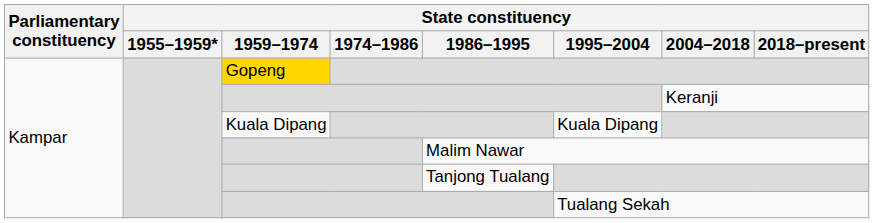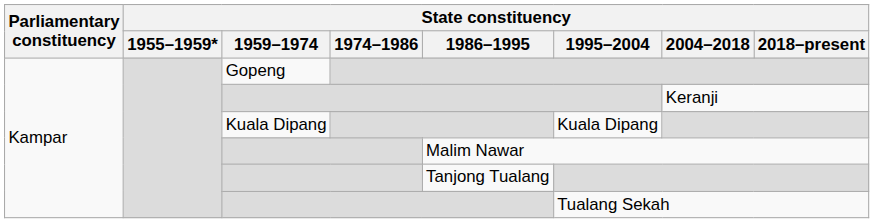 <table class="wikitable">
 <tr>
 <th rowspan="2">Parliamentary<br>constituency</th>
 <th colspan="7">State constituency</th>
 </tr>
 <tr>
 <th>1955–1959*</th>
 <th>1959–1974</th>
 <th>1974–1986</th>
 <th>1986–1995</th>
 <th>1995–2004</th>
 <th>2004–2018</th>
 <th>2018–present</th>
 </tr>
 <tr>
 <td rowspan="6">Kampar</td>
 <td rowspan="6" bgcolor="dcdcdc"></td>
-<td style="background: gold;">Gopeng</td>
+<td>Gopeng</td>
 <td colspan="5" bgcolor="dcdcdc"></td>
 </tr>
 <tr>
 <td colspan="4" bgcolor="dcdcdc"></td>
 <td colspan="2">Keranji</td>
 </tr>
 <tr>
 <td>Kuala Dipang</td>
 <td colspan="2" bgcolor="dcdcdc"></td>
 <td>Kuala Dipang</td>
 <td colspan="2" bgcolor="dcdcdc"></td>
 </tr>
 <tr>
 <td colspan="2" bgcolor="dcdcdc"></td>
 <td colspan="4">Malim Nawar</td>
 </tr>
 <tr>
 <td colspan="2" bgcolor="dcdcdc"></td>
 <td>Tanjong Tualang</td>
 <td colspan="3" bgcolor="dcdcdc"></td>
 </tr>
 <tr>
 <td colspan="3" bgcolor="dcdcdc"></td>
 <td colspan="3">Tualang Sekah</td>
 </tr>
 </table>
